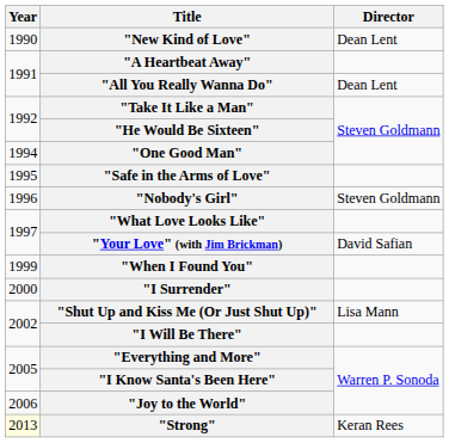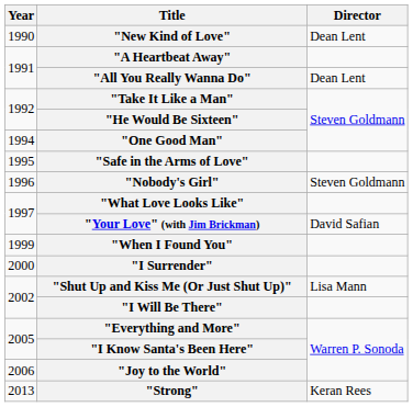 <table class="wikitable plainrowheaders">
 <tr>
 <th>Year</th>
 <th style="width:20em;">Title</th>
 <th>Director</th>
 </tr>
 <tr>
 <td>1990</td>
 <th scope="row">"New Kind of Love"</th>
 <td>Dean Lent</td>
 </tr>
 <tr>
 <td rowspan="2">1991</td>
 <th scope="row">"A Heartbeat Away"</th>
 <td></td>
 </tr>
 <tr>
 <th scope="row">"All You Really Wanna Do"</th>
 <td>Dean Lent</td>
 </tr>
 <tr>
 <td rowspan="2">1992</td>
 <th scope="row">"Take It Like a Man"</th>
 <td rowspan="3"><a href='#'>Steven Goldmann</a></td>
 </tr>
 <tr>
 <th scope="row">"He Would Be Sixteen"</th>
 </tr>
 <tr>
 <td>1994</td>
 <th scope="row">"One Good Man"</th>
 </tr>
 <tr>
 <td>1995</td>
 <th scope="row">"Safe in the Arms of Love"</th>
 <td></td>
 </tr>
 <tr>
 <td>1996</td>
 <th scope="row">"Nobody's Girl"</th>
 <td>Steven Goldmann</td>
 </tr>
 <tr>
 <td rowspan="2">1997</td>
 <th scope="row">"What Love Looks Like"</th>
 <td></td>
 </tr>
 <tr>
 <th scope="row">"<a href='#'>Your Love</a>" <small>(with <a href='#'>Jim Brickman</a>)</small></th>
 <td>David Safian</td>
 </tr>
 <tr>
 <td>1999</td>
 <th scope="row">"When I Found You"</th>
 <td></td>
 </tr>
 <tr>
 <td>2000</td>
 <th scope="row">"I Surrender"</th>
 <td></td>
 </tr>
 <tr>
 <td rowspan="2">2002</td>
 <th scope="row">"Shut Up and Kiss Me (Or Just Shut Up)"</th>
 <td>Lisa Mann</td>
 </tr>
 <tr>
 <th scope="row">"I Will Be There"</th>
 <td></td>
 </tr>
 <tr>
 <td rowspan="2">2005</td>
 <th scope="row">"Everything and More"</th>
 <td rowspan="3"><a href='#'>Warren P. Sonoda</a></td>
 </tr>
 <tr>
 <th scope="row">"I Know Santa's Been Here"</th>
 </tr>
 <tr>
 <td>2006</td>
 <th scope="row">"Joy to the World"</th>
 </tr>
 <tr>
-<td style="background: lightyellow;">2013</td>
+<td>2013</td>
 <th scope="row">"Strong"</th>
 <td>Keran Rees</td>
 </tr>
 </table>
